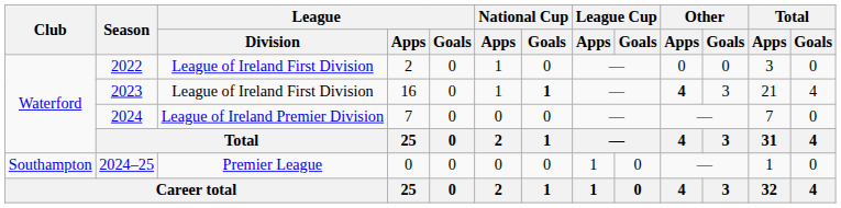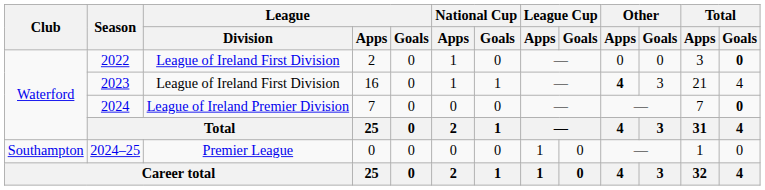 <table class=wikitable style=text-align:center>
 <tr>
 <th rowspan=2>Club</th>
 <th rowspan=2>Season</th>
 <th colspan=3>League</th>
 <th colspan=2>National Cup</th>
 <th colspan=2>League Cup</th>
 <th colspan=2>Other</th>
 <th colspan=2>Total</th>
 </tr>
 <tr>
 <th>Division</th>
 <th>Apps</th>
 <th>Goals</th>
 <th>Apps</th>
 <th>Goals</th>
 <th>Apps</th>
 <th>Goals</th>
 <th>Apps</th>
 <th>Goals</th>
 <th>Apps</th>
 <th>Goals</th>
 </tr>
 <tr>
 <td rowspan="4"><a href='#'>Waterford</a></td>
 <td><a href='#'>2022</a></td>
 <td><a href='#'>League of Ireland First Division</a></td>
 <td>2</td>
 <td>0</td>
 <td>1</td>
 <td>0</td>
 <td colspan="2">—</td>
 <td>0</td>
 <td>0</td>
 <td>3</td>
-<td>0</td>
+<td><strong>0</strong></td>
 </tr>
 <tr>
 <td><a href='#'>2023</a></td>
 <td>League of Ireland First Division</td>
 <td>16</td>
 <td>0</td>
 <td>1</td>
-<td><strong>1</strong></td>
+<td>1</td>
 <td colspan="2">—</td>
 <td><strong>4</strong></td>
 <td>3</td>
 <td>21</td>
 <td>4</td>
 </tr>
 <tr>
 <td><a href='#'>2024</a></td>
 <td><a href='#'>League of Ireland Premier Division</a></td>
 <td>7</td>
 <td>0</td>
 <td>0</td>
 <td>0</td>
 <td colspan="2">—</td>
 <td colspan="2">—</td>
 <td>7</td>
-<td>0</td>
+<td><strong>0</strong></td>
 </tr>
 <tr>
 <th colspan="2">Total</th>
 <th>25</th>
 <th>0</th>
 <th>2</th>
 <th>1</th>
 <th colspan="2">—</th>
 <th>4</th>
 <th>3</th>
 <th>31</th>
 <th>4</th>
 </tr>
 <tr>
 <td><a href='#'>Southampton</a></td>
 <td><a href='#'>2024–25</a></td>
 <td><a href='#'>Premier League</a></td>
 <td>0</td>
 <td>0</td>
 <td>0</td>
 <td>0</td>
 <td>1</td>
 <td>0</td>
 <td colspan="2">—</td>
 <td>1</td>
 <td>0</td>
 </tr>
 <tr>
 <th colspan="3">Career total</th>
 <th>25</th>
 <th>0</th>
 <th>2</th>
 <th>1</th>
 <th>1</th>
 <th>0</th>
 <th>4</th>
 <th>3</th>
 <th>32</th>
 <th>4</th>
 </tr>
 </table>
